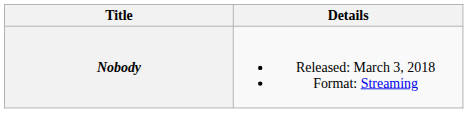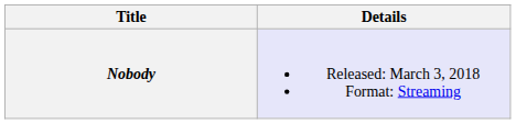 <table class="wikitable plainrowheaders" style="text-align:center;" border="1">
 <tr>
 <th scope="col" style="width:16em;">Title</th>
 <th scope="col" style="width:16em;">Details</th>
 </tr>
 <tr>
 <th scope="row"><em>Nobody</em></th>
-<td><br><ul><li>Released: March 3, 2018</li><li>Format: <a href='#'>Streaming</a></li></ul></td>
+<td style="background: lavender;"><br><ul><li>Released: March 3, 2018</li><li>Format: <a href='#'>Streaming</a></li></ul></td>
 </tr>
 </table>
